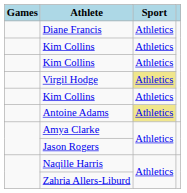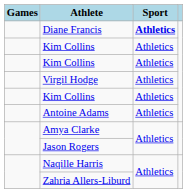 <table class="wikitable" style="text-align:left">
 <tr>
 <th style="background-color:lightblue">Games</th>
 <th style="background-color:lightblue">Athlete</th>
 <th style="background-color:lightblue">Sport</th>
 <th style="background-color:lightblue"></th>
 </tr>
 <tr>
 <td></td>
 <td><a href='#'>Diane Francis</a></td>
-<td><a href='#'>Athletics</a></td>
+<td><strong><a href='#'>Athletics</a></strong></td>
 <td rowspan=6></td>
 </tr>
 <tr>
 <td></td>
 <td><a href='#'>Kim Collins</a></td>
 <td><a href='#'>Athletics</a></td>
 </tr>
 <tr>
 <td></td>
 <td><a href='#'>Kim Collins</a></td>
 <td><a href='#'>Athletics</a></td>
 </tr>
 <tr>
 <td></td>
 <td><a href='#'>Virgil Hodge</a></td>
-<td style="background: khaki;"><a href='#'>Athletics</a></td>
+<td><a href='#'>Athletics</a></td>
 </tr>
 <tr>
 <td></td>
 <td><a href='#'>Kim Collins</a></td>
 <td><a href='#'>Athletics</a></td>
 </tr>
 <tr>
 <td></td>
 <td><a href='#'>Antoine Adams</a></td>
-<td style="background: khaki;"><a href='#'>Athletics</a></td>
+<td><a href='#'>Athletics</a></td>
 </tr>
 <tr>
 <td rowspan=2></td>
 <td><a href='#'>Amya Clarke</a></td>
 <td rowspan=2><a href='#'>Athletics</a></td>
 <td rowspan=2></td>
 </tr>
 <tr>
 <td><a href='#'>Jason Rogers</a></td>
 </tr>
 <tr>
 <td rowspan=2></td>
 <td><a href='#'>Naqille Harris</a></td>
 <td rowspan=2><a href='#'>Athletics</a></td>
 <td rowspan=2></td>
 </tr>
 <tr>
 <td><a href='#'>Zahria Allers-Liburd</a></td>
 </tr>
 </table>
